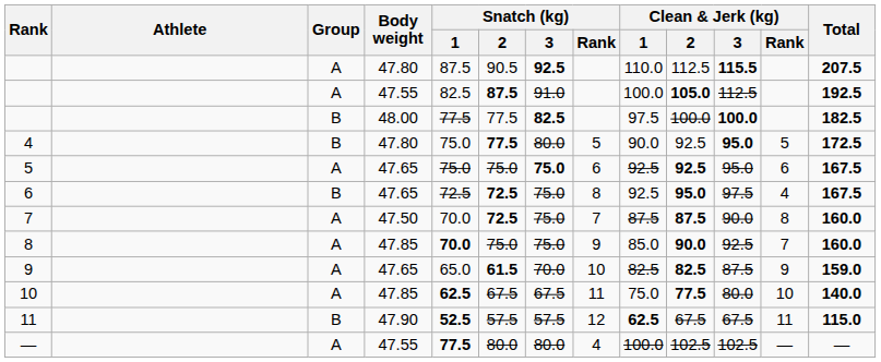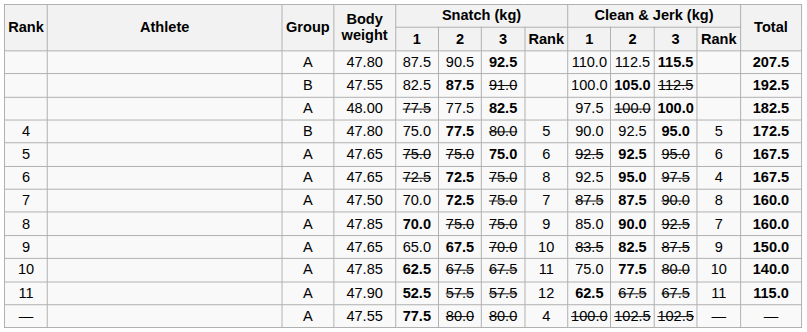 <table class = "wikitable" style="text-align:center;">
 <tr>
 <th rowspan=2 width=40>Rank</th>
 <th rowspan=2 width=250>Athlete</th>
 <th rowspan=2 width=50>Group</th>
 <th rowspan=2 width=60>Body weight</th>
 <th colspan=4>Snatch (kg)</th>
 <th colspan=4>Clean & Jerk (kg)</th>
 <th rowspan=2 width=60>Total</th>
 </tr>
 <tr>
 <th width=40>1</th>
 <th width=40>2</th>
 <th width=40>3</th>
 <th width=40>Rank</th>
 <th width=40>1</th>
 <th width=40>2</th>
 <th width=40>3</th>
 <th width=40>Rank</th>
 </tr>
 <tr>
 <td></td>
 <td align=left></td>
 <td>A</td>
 <td>47.80</td>
 <td>87.5</td>
 <td>90.5</td>
 <td><strong>92.5</strong></td>
 <td></td>
 <td>110.0</td>
 <td>112.5</td>
 <td><strong>115.5</strong></td>
 <td></td>
 <td><strong>207.5</strong></td>
 </tr>
 <tr>
 <td></td>
 <td align=left></td>
-<td>A</td>
+<td>B</td>
 <td>47.55</td>
 <td>82.5</td>
 <td><strong>87.5</strong></td>
 <td><s>91.0 </s></td>
 <td></td>
 <td>100.0</td>
 <td><strong>105.0</strong></td>
 <td><s>112.5 </s></td>
 <td></td>
 <td><strong>192.5</strong></td>
 </tr>
 <tr>
 <td></td>
 <td align=left></td>
-<td>B</td>
+<td>A</td>
 <td>48.00</td>
 <td><s>77.5 </s></td>
 <td>77.5</td>
 <td><strong>82.5</strong></td>
 <td></td>
 <td>97.5</td>
 <td><s>100.0 </s></td>
 <td><strong>100.0</strong></td>
 <td></td>
 <td><strong>182.5</strong></td>
 </tr>
 <tr>
 <td>4</td>
 <td align=left></td>
 <td>B</td>
 <td>47.80</td>
 <td>75.0</td>
 <td><strong>77.5</strong></td>
 <td><s>80.0 </s></td>
 <td>5</td>
 <td>90.0</td>
 <td>92.5</td>
 <td><strong>95.0</strong></td>
 <td>5</td>
 <td><strong>172.5</strong></td>
 </tr>
 <tr>
 <td>5</td>
 <td align=left></td>
 <td>A</td>
 <td>47.65</td>
 <td><s>75.0 </s></td>
 <td><s>75.0 </s></td>
 <td><strong>75.0</strong></td>
 <td>6</td>
 <td><s>92.5 </s></td>
 <td><strong>92.5</strong></td>
 <td><s>95.0 </s></td>
 <td>6</td>
 <td><strong>167.5</strong></td>
 </tr>
 <tr>
 <td>6</td>
 <td align=left></td>
-<td>B</td>
+<td>A</td>
 <td>47.65</td>
 <td><s>72.5 </s></td>
 <td><strong>72.5</strong></td>
 <td><s>75.0 </s></td>
 <td>8</td>
 <td>92.5</td>
 <td><strong>95.0</strong></td>
 <td><s>97.5 </s></td>
 <td>4</td>
 <td><strong>167.5</strong></td>
 </tr>
 <tr>
 <td>7</td>
 <td align=left></td>
 <td>A</td>
 <td>47.50</td>
 <td>70.0</td>
 <td><strong>72.5</strong></td>
 <td><s>75.0 </s></td>
 <td>7</td>
 <td><s>87.5 </s></td>
 <td><strong>87.5</strong></td>
 <td><s>90.0 </s></td>
 <td>8</td>
 <td><strong>160.0</strong></td>
 </tr>
 <tr>
 <td>8</td>
 <td align=left></td>
 <td>A</td>
 <td>47.85</td>
 <td><strong>70.0</strong></td>
 <td><s>75.0 </s></td>
 <td><s>75.0 </s></td>
 <td>9</td>
 <td>85.0</td>
 <td><strong>90.0</strong></td>
 <td><s>92.5 </s></td>
 <td>7</td>
 <td><strong>160.0</strong></td>
 </tr>
 <tr>
 <td>9</td>
 <td align=left></td>
 <td>A</td>
 <td>47.65</td>
 <td>65.0</td>
-<td><strong>61.5</strong></td>
+<td><strong>67.5</strong></td>
 <td><s>70.0 </s></td>
 <td>10</td>
-<td><s>82.5 </s></td>
+<td><s>83.5 </s></td>
 <td><strong>82.5</strong></td>
 <td><s>87.5 </s></td>
 <td>9</td>
-<td><strong>159.0</strong></td>
+<td><strong>150.0</strong></td>
 </tr>
 <tr>
 <td>10</td>
 <td align=left></td>
 <td>A</td>
 <td>47.85</td>
 <td><strong>62.5</strong></td>
 <td><s>67.5 </s></td>
 <td><s>67.5 </s></td>
 <td>11</td>
 <td>75.0</td>
 <td><strong>77.5</strong></td>
 <td><s>80.0 </s></td>
 <td>10</td>
 <td><strong>140.0</strong></td>
 </tr>
 <tr>
 <td>11</td>
 <td align=left></td>
-<td>B</td>
+<td>A</td>
 <td>47.90</td>
 <td><strong>52.5</strong></td>
 <td><s>57.5 </s></td>
 <td><s>57.5 </s></td>
 <td>12</td>
 <td><strong>62.5</strong></td>
 <td><s>67.5 </s></td>
 <td><s>67.5 </s></td>
 <td>11</td>
 <td><strong>115.0</strong></td>
 </tr>
 <tr>
 <td>—</td>
 <td align=left></td>
 <td>A</td>
 <td>47.55</td>
 <td><strong>77.5</strong></td>
 <td><s>80.0 </s></td>
 <td><s>80.0 </s></td>
 <td>4</td>
 <td><s>100.0 </s></td>
 <td><s>102.5 </s></td>
 <td><s>102.5 </s></td>
 <td>—</td>
 <td>—</td>
 </tr>
 </table>
